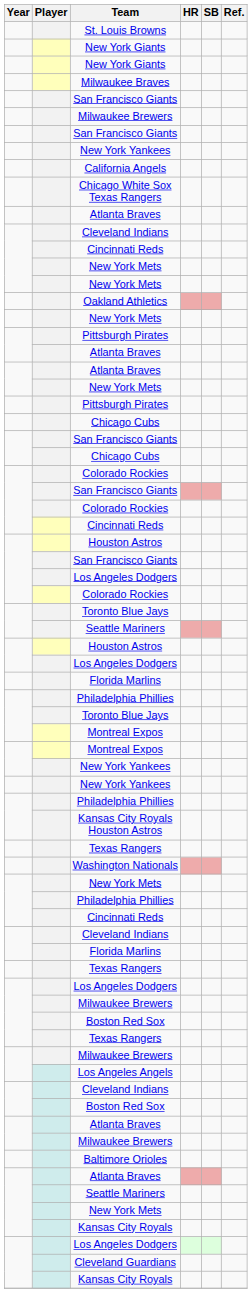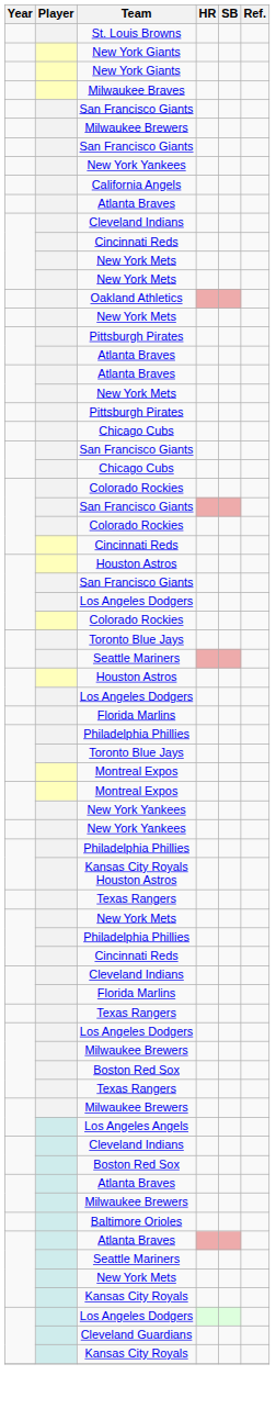 <table class="wikitable sortable plainrowheaders" style="text-align:center;">
 <tr>
 <th scope="col">Year</th>
 <th scope="col">Player</th>
 <th scope="col">Team</th>
 <th scope="col">HR</th>
 <th scope="col">SB</th>
 <th scope="col" class="unsortable">Ref.</th>
 </tr>
 <tr>
 <td></td>
 <th scope="row" style="text-align:center"></th>
 <td><a href='#'>St. Louis Browns</a></td>
 <td></td>
 <td></td>
 <td></td>
 </tr>
 <tr>
 <td></td>
 <th scope="row" style="text-align:center; background-color: #ffffbb"></th>
 <td><a href='#'>New York Giants</a></td>
 <td></td>
 <td></td>
 <td></td>
 </tr>
 <tr>
 <td></td>
 <th scope="row" style="text-align:center; background-color: #ffffbb"> </th>
 <td><a href='#'>New York Giants</a></td>
 <td></td>
 <td></td>
 <td></td>
 </tr>
 <tr>
 <td></td>
 <th scope="row" style="text-align:center; background-color: #ffffbb"></th>
 <td><a href='#'>Milwaukee Braves</a></td>
 <td></td>
 <td></td>
 <td></td>
 </tr>
 <tr>
 <td></td>
 <th scope="row" style="text-align:center"></th>
 <td><a href='#'>San Francisco Giants</a></td>
 <td></td>
 <td></td>
 <td></td>
 </tr>
 <tr>
 <td></td>
 <th scope="row" style="text-align:center"></th>
 <td><a href='#'>Milwaukee Brewers</a></td>
 <td></td>
 <td></td>
 <td></td>
 </tr>
 <tr>
 <td></td>
 <th scope="row" style="text-align:center"> </th>
 <td><a href='#'>San Francisco Giants</a></td>
 <td></td>
 <td></td>
 <td></td>
 </tr>
 <tr>
 <td></td>
 <th scope="row" style="text-align:center"> </th>
 <td><a href='#'>New York Yankees</a></td>
 <td></td>
 <td></td>
 <td></td>
 </tr>
 <tr>
 <td></td>
 <th scope="row" style="text-align:center"> </th>
 <td><a href='#'>California Angels</a></td>
-<td></td>
-<td></td>
-<td></td>
-</tr>
-<tr>
-<td></td>
-<th scope="row" style="text-align:center"> </th>
-<td><a href='#'>Chicago White Sox</a><br><a href='#'>Texas Rangers</a></td>
 <td></td>
 <td></td>
 <td></td>
 </tr>
 <tr>
 <td></td>
 <th scope="row" style="text-align:center"></th>
 <td><a href='#'>Atlanta Braves</a></td>
 <td></td>
 <td></td>
 <td></td>
 </tr>
 <tr>
 <td rowspan="4"></td>
 <th scope="row" style="text-align:center"></th>
 <td><a href='#'>Cleveland Indians</a></td>
 <td></td>
 <td></td>
 <td></td>
 </tr>
 <tr>
 <th scope="row" style="text-align:center"></th>
 <td><a href='#'>Cincinnati Reds</a></td>
 <td></td>
 <td></td>
 <td></td>
 </tr>
 <tr>
 <th scope="row" style="text-align:center"></th>
 <td><a href='#'>New York Mets</a></td>
 <td></td>
 <td></td>
 <td></td>
 </tr>
 <tr>
 <th scope="row" style="text-align:center"></th>
 <td><a href='#'>New York Mets</a></td>
 <td></td>
 <td></td>
 <td></td>
 </tr>
 <tr>
 <td></td>
 <th scope="row" style="text-align:center"></th>
 <td><a href='#'>Oakland Athletics</a></td>
 <td style="background-color:#eeabab;"></td>
 <td style="background-color:#eeabab;"></td>
 <td></td>
 </tr>
 <tr>
 <td></td>
 <th scope="row" style="text-align:center"> </th>
 <td><a href='#'>New York Mets</a></td>
 <td></td>
 <td></td>
 <td></td>
 </tr>
 <tr>
 <td rowspan="2"></td>
 <th scope="row" style="text-align:center"></th>
 <td><a href='#'>Pittsburgh Pirates</a></td>
 <td></td>
 <td></td>
 <td></td>
 </tr>
 <tr>
 <th scope="row" style="text-align:center"></th>
 <td><a href='#'>Atlanta Braves</a></td>
 <td></td>
 <td></td>
 <td></td>
 </tr>
 <tr>
 <td rowspan="2"></td>
 <th scope="row" style="text-align:center"> </th>
 <td><a href='#'>Atlanta Braves</a></td>
 <td></td>
 <td></td>
 <td></td>
 </tr>
 <tr>
 <th scope="row" style="text-align:center"> </th>
 <td><a href='#'>New York Mets</a></td>
 <td></td>
 <td></td>
 <td></td>
 </tr>
 <tr>
 <td></td>
 <th scope="row" style="text-align:center"> </th>
 <td><a href='#'>Pittsburgh Pirates</a></td>
 <td></td>
 <td></td>
 <td></td>
 </tr>
 <tr>
 <td></td>
 <th scope="row" style="text-align:center"></th>
 <td><a href='#'>Chicago Cubs</a></td>
 <td></td>
 <td></td>
 <td></td>
 </tr>
 <tr>
 <td rowspan="2"></td>
 <th scope="row" style="text-align:center"> </th>
 <td><a href='#'>San Francisco Giants</a></td>
 <td></td>
 <td></td>
 <td></td>
 </tr>
 <tr>
 <th scope="row" style="text-align:center"> </th>
 <td><a href='#'>Chicago Cubs</a></td>
 <td></td>
 <td></td>
 <td></td>
 </tr>
 <tr>
 <td rowspan="4"></td>
 <th scope="row" style="text-align:center"></th>
 <td><a href='#'>Colorado Rockies</a></td>
 <td></td>
 <td></td>
 <td></td>
 </tr>
 <tr>
 <th scope="row" style="text-align:center"> </th>
 <td><a href='#'>San Francisco Giants</a></td>
 <td style="background-color:#eeabab;"></td>
 <td style="background-color:#eeabab;"></td>
 <td></td>
 </tr>
 <tr>
 <th scope="row" style="text-align:center"></th>
 <td><a href='#'>Colorado Rockies</a></td>
 <td></td>
 <td></td>
 <td></td>
 </tr>
 <tr>
 <th scope="row" style="text-align:center; background-color: #ffffbb"></th>
 <td><a href='#'>Cincinnati Reds</a></td>
 <td></td>
 <td></td>
 <td></td>
 </tr>
 <tr>
 <td rowspan="4"></td>
 <th scope="row" style="text-align:center; background-color: #ffffbb"></th>
 <td><a href='#'>Houston Astros</a></td>
 <td></td>
 <td></td>
 <td></td>
 </tr>
 <tr>
 <th scope="row" style="text-align:center"> </th>
 <td><a href='#'>San Francisco Giants</a></td>
 <td></td>
 <td></td>
 <td></td>
 </tr>
 <tr>
 <th scope="row" style="text-align:center"></th>
 <td><a href='#'>Los Angeles Dodgers</a></td>
 <td></td>
 <td></td>
 <td></td>
 </tr>
 <tr>
 <th scope="row" style="text-align:center; background-color: #ffffbb"></th>
 <td><a href='#'>Colorado Rockies</a></td>
 <td></td>
 <td></td>
 <td></td>
 </tr>
 <tr>
 <td rowspan="2"></td>
 <th scope="row" style="text-align:center"></th>
 <td><a href='#'>Toronto Blue Jays</a></td>
 <td></td>
 <td></td>
 <td></td>
 </tr>
 <tr>
 <th scope="row" style="text-align:center"></th>
 <td><a href='#'>Seattle Mariners</a></td>
 <td style="background-color:#eeabab;"></td>
 <td style="background-color:#eeabab;"></td>
 <td></td>
 </tr>
 <tr>
 <td rowspan="2"></td>
 <th scope="row" style="text-align:center; background-color: #ffffbb"> </th>
 <td><a href='#'>Houston Astros</a></td>
 <td></td>
 <td></td>
 <td></td>
 </tr>
 <tr>
 <th scope="row" style="text-align:center"> </th>
 <td><a href='#'>Los Angeles Dodgers</a></td>
 <td></td>
 <td></td>
 <td></td>
 </tr>
 <tr>
 <td></td>
 <th scope="row" style="text-align:center"></th>
 <td><a href='#'>Florida Marlins</a></td>
 <td></td>
 <td></td>
 <td></td>
 </tr>
 <tr>
 <td rowspan="3"></td>
 <th scope="row" style="text-align:center"></th>
 <td><a href='#'>Philadelphia Phillies</a></td>
 <td></td>
 <td></td>
 <td></td>
 </tr>
 <tr>
 <th scope="row" style="text-align:center"></th>
 <td><a href='#'>Toronto Blue Jays</a></td>
 <td></td>
 <td></td>
 <td></td>
 </tr>
 <tr>
 <th scope="row" style="text-align:center; background-color: #ffffbb"></th>
 <td><a href='#'>Montreal Expos</a></td>
 <td></td>
 <td></td>
 <td></td>
 </tr>
 <tr>
 <td rowspan="2"></td>
 <th scope="row" style="text-align:center; background-color: #ffffbb"> </th>
 <td><a href='#'>Montreal Expos</a></td>
 <td></td>
 <td></td>
 <td></td>
 </tr>
 <tr>
 <th scope="row" style="text-align:center"></th>
 <td><a href='#'>New York Yankees</a></td>
 <td></td>
 <td></td>
 <td></td>
 </tr>
 <tr>
 <td></td>
 <th scope="row" style="text-align:center"> </th>
 <td><a href='#'>New York Yankees</a></td>
 <td></td>
 <td></td>
 <td></td>
 </tr>
 <tr>
 <td rowspan="2"></td>
 <th scope="row" style="text-align:center;"> </th>
 <td><a href='#'>Philadelphia Phillies</a></td>
 <td></td>
 <td></td>
 <td></td>
 </tr>
 <tr>
 <th scope="row" style="text-align:center"></th>
 <td><a href='#'>Kansas City Royals</a><br><a href='#'>Houston Astros</a></td>
 <td></td>
 <td></td>
 <td></td>
 </tr>
 <tr>
 <td></td>
 <th scope="row" style="text-align:center"> </th>
 <td><a href='#'>Texas Rangers</a></td>
 <td></td>
 <td></td>
 <td></td>
 </tr>
 <tr>
-<td></td>
-<th scope="row" style="text-align:center"> </th>
-<td><a href='#'>Washington Nationals</a></td>
-<td style="background-color:#eeabab;"></td>
-<td style="background-color:#eeabab;"></td>
-<td></td>
-</tr>
-<tr>
 <td rowspan="3"></td>
 <th scope="row" style="text-align:center"></th>
 <td><a href='#'>New York Mets</a></td>
 <td></td>
 <td></td>
 <td></td>
 </tr>
 <tr>
 <th scope="row" style="text-align:center"></th>
 <td><a href='#'>Philadelphia Phillies</a></td>
 <td></td>
 <td></td>
 <td></td>
 </tr>
 <tr>
 <th scope="row" style="text-align:center;"></th>
 <td><a href='#'>Cincinnati Reds</a></td>
 <td></td>
 <td></td>
 <td></td>
 </tr>
 <tr>
 <td rowspan="2"></td>
 <th scope="row" style="text-align:center"></th>
 <td><a href='#'>Cleveland Indians</a></td>
 <td></td>
 <td></td>
 <td></td>
 </tr>
 <tr>
 <th scope="row" style="text-align:center"></th>
 <td><a href='#'>Florida Marlins</a></td>
 <td></td>
 <td></td>
 <td></td>
 </tr>
 <tr>
 <td></td>
 <th scope="row" style="text-align:center"></th>
 <td><a href='#'>Texas Rangers</a></td>
 <td></td>
 <td></td>
 <td></td>
 </tr>
 <tr>
 <td rowspan="4"></td>
 <th scope="row" style="text-align:center"></th>
 <td><a href='#'>Los Angeles Dodgers</a></td>
 <td></td>
 <td></td>
 <td></td>
 </tr>
 <tr>
 <th scope="row" style="text-align:center"></th>
 <td><a href='#'>Milwaukee Brewers</a></td>
 <td></td>
 <td></td>
 <td></td>
 </tr>
 <tr>
 <th scope="row" style="text-align:center"></th>
 <td><a href='#'>Boston Red Sox</a></td>
 <td></td>
 <td></td>
 <td></td>
 </tr>
 <tr>
 <th scope="row" style="text-align:center"> </th>
 <td><a href='#'>Texas Rangers</a></td>
 <td></td>
 <td></td>
 <td></td>
 </tr>
 <tr>
 <td rowspan="2"></td>
 <th scope="row" style="text-align:center"> </th>
 <td><a href='#'>Milwaukee Brewers</a></td>
 <td></td>
 <td></td>
 <td></td>
 </tr>
 <tr>
 <th scope="row" style="text-align:center; background:#cfecec;"></th>
 <td><a href='#'>Los Angeles Angels</a></td>
 <td></td>
 <td></td>
 <td></td>
 </tr>
 <tr>
 <td rowspan="2"></td>
 <th scope="row" style="text-align:center; background:#cfecec;"></th>
 <td><a href='#'>Cleveland Indians</a></td>
 <td></td>
 <td></td>
 <td></td>
 </tr>
 <tr>
 <th scope="row" style="text-align:center; background:#cfecec;"></th>
 <td><a href='#'>Boston Red Sox</a></td>
 <td></td>
 <td></td>
 <td></td>
 </tr>
 <tr>
 <td rowspan="2"></td>
 <th scope="row" style="text-align:center; background:#cfecec;"></th>
 <td><a href='#'>Atlanta Braves</a></td>
 <td></td>
 <td></td>
 <td></td>
 </tr>
 <tr>
 <th scope="row" style="text-align:center; background:#cfecec;"></th>
 <td><a href='#'>Milwaukee Brewers</a></td>
 <td></td>
 <td></td>
 <td></td>
 </tr>
 <tr>
 <td></td>
 <th scope="row" style="text-align:center; background:#cfecec;"></th>
 <td><a href='#'>Baltimore Orioles</a></td>
 <td></td>
 <td></td>
 <td></td>
 </tr>
 <tr>
 <td rowspan="4"></td>
 <th scope="row" style="text-align:center; background:#cfecec;"> </th>
 <td><a href='#'>Atlanta Braves</a></td>
 <td style="background-color:#eeabab;"></td>
 <td style="background-color:#eeabab;"></td>
 <td></td>
 </tr>
 <tr>
 <th scope="row" style="text-align:center; background:#cfecec;"></th>
 <td><a href='#'>Seattle Mariners</a></td>
 <td></td>
 <td></td>
 <td></td>
 </tr>
 <tr>
 <th scope="row" style="text-align:center; background:#cfecec;"></th>
 <td><a href='#'>New York Mets</a></td>
 <td></td>
 <td></td>
 <td></td>
 </tr>
 <tr>
 <th scope="row" style="text-align:center; background:#cfecec;"></th>
 <td><a href='#'>Kansas City Royals</a></td>
 <td></td>
 <td></td>
 <td></td>
 </tr>
 <tr>
 <td rowspan="3"></td>
 <th scope="row" style="text-align:center; background:#cfecec;"></th>
 <td><a href='#'>Los Angeles Dodgers</a></td>
 <td style="background-color:#dfd;"></td>
 <td style="background-color:#dfd;"></td>
 <td></td>
 </tr>
 <tr>
 <th scope="row" style="text-align:center; background:#cfecec;"> </th>
 <td><a href='#'>Cleveland Guardians</a></td>
 <td></td>
 <td></td>
 <td></td>
 </tr>
 <tr>
 <th scope="row" style="text-align:center; background:#cfecec;"> </th>
 <td><a href='#'>Kansas City Royals</a></td>
 <td></td>
 <td></td>
 <td></td>
 </tr>
 <tr>
 </tr>
 </table>
